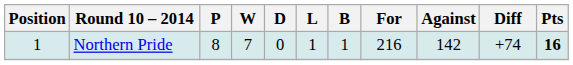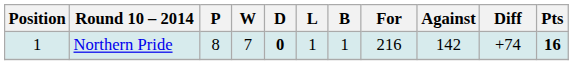 <table class="wikitable" style="text-align:center; font-size:85%;">
 <tr>
 <th width=40 abbr="Position">Position</th>
 <th width=100>Round 10 – 2014</th>
 <th width=20 abbr="Played">P</th>
 <th width=20 abbr="Won">W</th>
 <th width=20 abbr="Drawn">D</th>
 <th width=20 abbr="Lost">L</th>
 <th width=20 abbr="Bye">B</th>
 <th width=40 abbr="Points for">For</th>
 <th width=40 abbr="Points against">Against</th>
 <th width=40 abbr="Points difference">Diff</th>
 <th width=20 abbr="Points">Pts</th>
 </tr>
 <tr style="background: #d7ebed;">
 <td>1</td>
 <td style="text-align:left;"> <a href='#'>Northern Pride</a></td>
 <td>8</td>
 <td>7</td>
-<td>0</td>
+<td><strong>0</strong></td>
 <td>1</td>
 <td>1</td>
 <td>216</td>
 <td>142</td>
 <td>+74</td>
 <td><strong>16</strong></td>
 </tr>
 <tr>
 </tr>
 </table>
